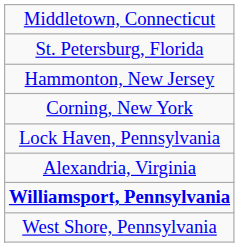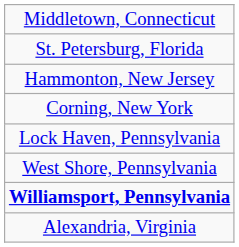 <table class="wikitable" style="text-align: center;">
 <tr>
 <td> <a href='#'>Middletown, Connecticut</a></td>
 </tr>
 <tr>
 <td> <a href='#'>St. Petersburg, Florida</a></td>
 </tr>
 <tr>
 <td> <a href='#'>Hammonton, New Jersey</a></td>
 </tr>
 <tr>
 <td> <a href='#'>Corning, New York</a></td>
 </tr>
 <tr>
 <td> <a href='#'>Lock Haven, Pennsylvania</a></td>
 </tr>
 <tr>
-<td> <a href='#'>Alexandria, Virginia</a></td>
+<td> <a href='#'>West Shore, Pennsylvania</a></td>
 </tr>
 <tr>
 <td><strong> <a href='#'>Williamsport, Pennsylvania</a></strong></td>
 </tr>
 <tr>
-<td> <a href='#'>West Shore, Pennsylvania</a></td>
+<td> <a href='#'>Alexandria, Virginia</a></td>
 </tr>
 </table>
